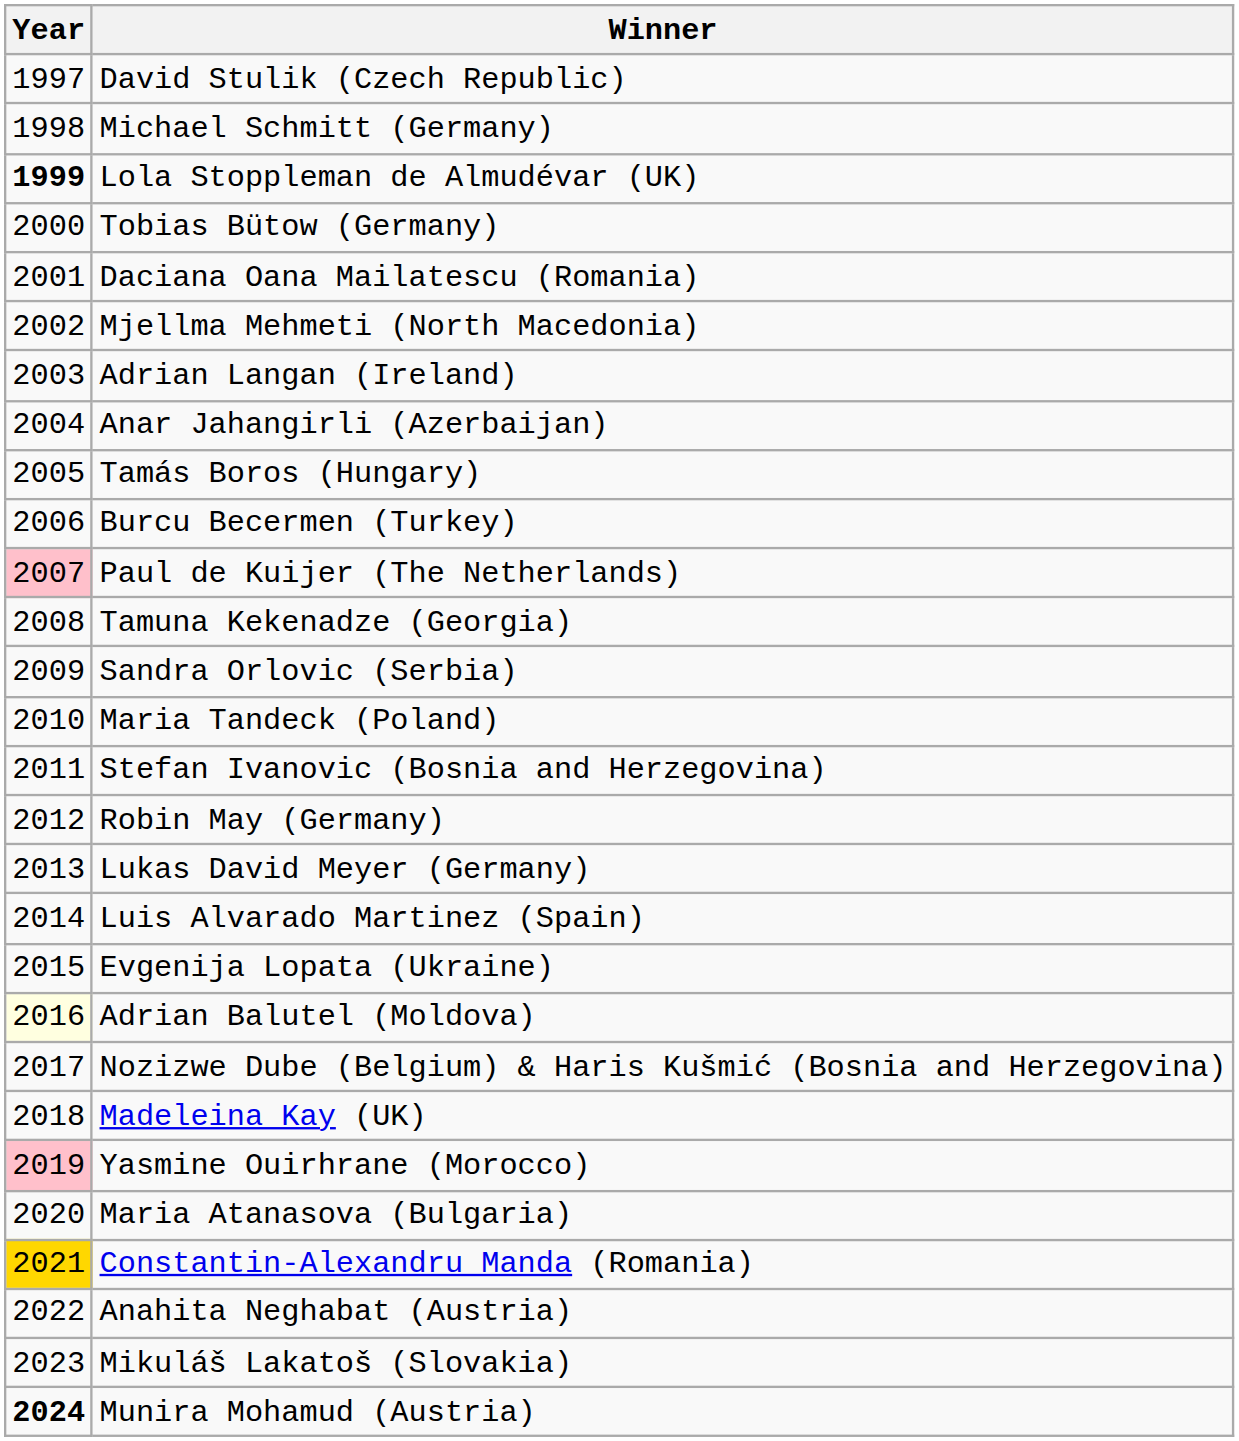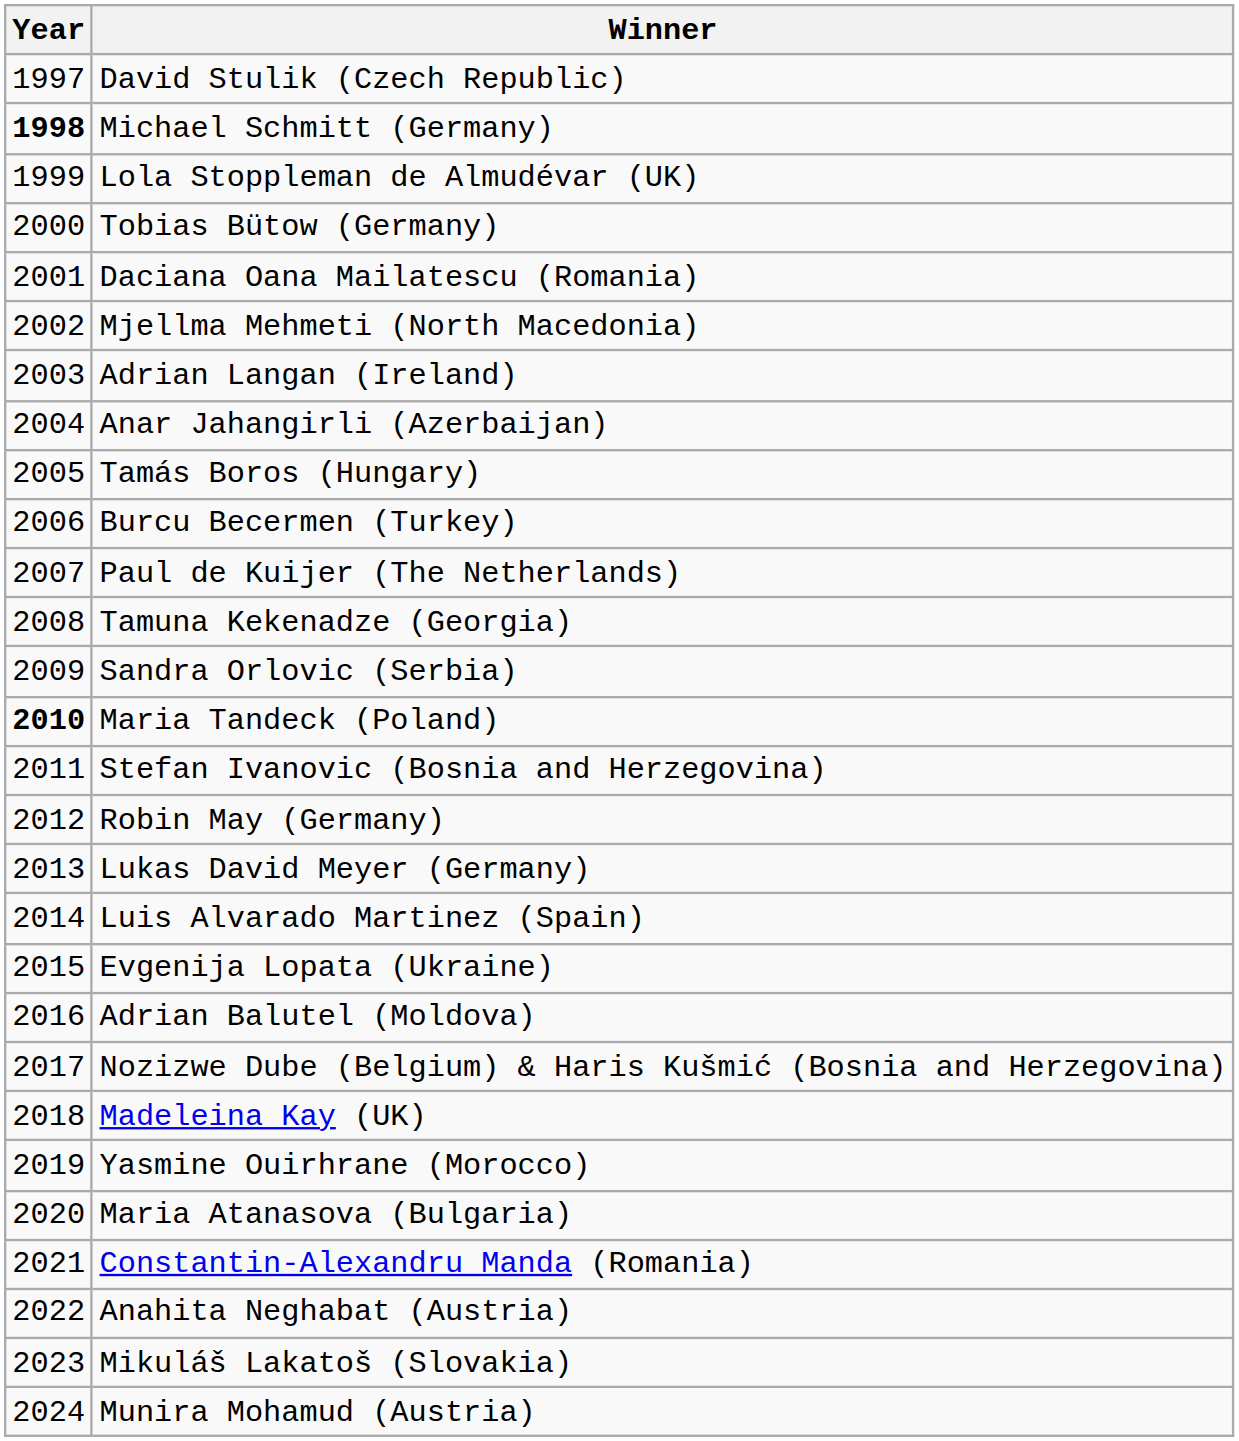 <table class=wikitable>
 <tr>
 <th>Year</th>
 <th>Winner</th>
 </tr>
 <tr>
 <td align=center>1997</td>
 <td>David Stulik (Czech Republic)</td>
 </tr>
 <tr>
-<td align=center>1998</td>
+<td align=center><strong>1998</strong></td>
 <td>Michael Schmitt (Germany)</td>
 </tr>
 <tr>
-<td align=center><strong>1999</strong></td>
+<td align=center>1999</td>
 <td>Lola Stoppleman de Almudévar (UK)</td>
 </tr>
 <tr>
 <td align=center>2000</td>
 <td>Tobias Bütow (Germany)</td>
 </tr>
 <tr>
 <td align=center>2001</td>
 <td>Daciana Oana Mailatescu (Romania)</td>
 </tr>
 <tr>
 <td align=center>2002</td>
 <td>Mjellma Mehmeti (North Macedonia)</td>
 </tr>
 <tr>
 <td align=center>2003</td>
 <td>Adrian Langan (Ireland)</td>
 </tr>
 <tr>
 <td align=center>2004</td>
 <td>Anar Jahangirli (Azerbaijan)</td>
 </tr>
 <tr>
 <td align=center>2005</td>
 <td>Tamás Boros (Hungary)</td>
 </tr>
 <tr>
 <td align=center>2006</td>
 <td>Burcu Becermen (Turkey)</td>
 </tr>
 <tr>
-<td align=center style="background: pink;">2007</td>
+<td align=center>2007</td>
 <td>Paul de Kuijer (The Netherlands)</td>
 </tr>
 <tr>
 <td align=center>2008</td>
 <td>Tamuna Kekenadze (Georgia)</td>
 </tr>
 <tr>
 <td align=center>2009</td>
 <td>Sandra Orlovic (Serbia)</td>
 </tr>
 <tr>
-<td align=center>2010</td>
+<td align=center><strong>2010</strong></td>
 <td>Maria Tandeck (Poland)</td>
 </tr>
 <tr>
 <td align=center>2011</td>
 <td>Stefan Ivanovic (Bosnia and Herzegovina)</td>
 </tr>
 <tr>
 <td align=center>2012</td>
 <td>Robin May (Germany)</td>
 </tr>
 <tr>
 <td align=center>2013</td>
 <td>Lukas David Meyer (Germany)</td>
 </tr>
 <tr>
 <td align=center>2014</td>
 <td>Luis Alvarado Martinez (Spain)</td>
 </tr>
 <tr>
 <td align=center>2015</td>
 <td>Evgenija Lopata (Ukraine)</td>
 </tr>
 <tr>
-<td align=center style="background: lightyellow;">2016</td>
+<td align=center>2016</td>
 <td>Adrian Balutel (Moldova)</td>
 </tr>
 <tr>
 <td align=center>2017</td>
 <td>Nozizwe Dube (Belgium) & Haris Kušmić (Bosnia and Herzegovina)</td>
 </tr>
 <tr>
 <td align=center>2018</td>
 <td><a href='#'>Madeleina Kay</a> (UK)</td>
 </tr>
 <tr>
-<td style="background: pink;">2019</td>
+<td>2019</td>
 <td>Yasmine Ouirhrane (Morocco)</td>
 </tr>
 <tr>
 <td>2020</td>
 <td>Maria Atanasova (Bulgaria)</td>
 </tr>
 <tr>
-<td style="background: gold;">2021</td>
+<td>2021</td>
 <td><a href='#'>Constantin-Alexandru Manda</a> (Romania) </td>
 </tr>
 <tr>
 <td>2022</td>
 <td>Anahita Neghabat (Austria)</td>
 </tr>
 <tr>
 <td>2023</td>
 <td>Mikuláš Lakatoš (Slovakia)</td>
 </tr>
 <tr>
-<td><strong>2024</strong></td>
+<td>2024</td>
 <td>Munira Mohamud (Austria)</td>
 </tr>
 </table>
